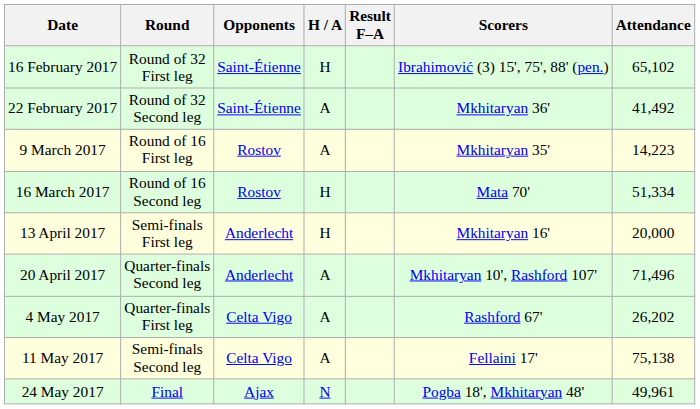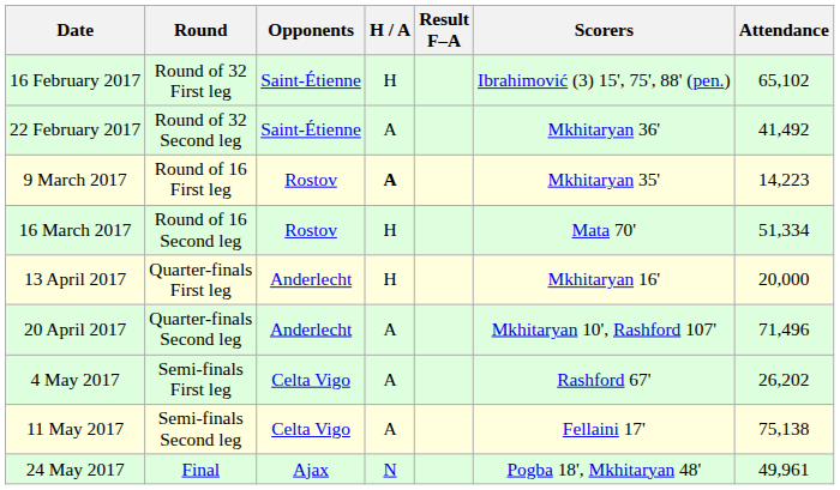 <table class="wikitable" style="text-align:center">
 <tr>
 <th>Date</th>
 <th>Round</th>
 <th>Opponents</th>
 <th>H / A</th>
 <th>Result<br>F–A</th>
 <th>Scorers</th>
 <th>Attendance</th>
 </tr>
 <tr bgcolor="#ddffdd">
 <td>16 February 2017</td>
 <td>Round of 32<br>First leg</td>
 <td><a href='#'>Saint-Étienne</a></td>
 <td>H</td>
 <td></td>
 <td><a href='#'>Ibrahimović</a> (3) 15', 75', 88' (<a href='#'>pen.</a>)</td>
 <td>65,102</td>
 </tr>
 <tr bgcolor="#ddffdd">
 <td>22 February 2017</td>
 <td>Round of 32<br>Second leg</td>
 <td><a href='#'>Saint-Étienne</a></td>
 <td>A</td>
 <td></td>
 <td><a href='#'>Mkhitaryan</a> 36'</td>
 <td>41,492</td>
 </tr>
 <tr bgcolor="#ffffdd">
 <td>9 March 2017</td>
 <td>Round of 16<br>First leg</td>
 <td><a href='#'>Rostov</a></td>
-<td>A</td>
+<td><strong>A</strong></td>
 <td></td>
 <td><a href='#'>Mkhitaryan</a> 35'</td>
 <td>14,223</td>
 </tr>
 <tr bgcolor="#ddffdd">
 <td>16 March 2017</td>
 <td>Round of 16<br>Second leg</td>
 <td><a href='#'>Rostov</a></td>
 <td>H</td>
 <td></td>
 <td><a href='#'>Mata</a> 70'</td>
 <td>51,334</td>
 </tr>
 <tr bgcolor="#ffffdd">
 <td>13 April 2017</td>
-<td>Semi-finals<br>First leg</td>
+<td>Quarter-finals<br>First leg</td>
 <td><a href='#'>Anderlecht</a></td>
 <td>H</td>
 <td></td>
 <td><a href='#'>Mkhitaryan</a> 16'</td>
 <td>20,000</td>
 </tr>
 <tr bgcolor="#ddffdd">
 <td>20 April 2017</td>
 <td>Quarter-finals<br>Second leg</td>
 <td><a href='#'>Anderlecht</a></td>
 <td>A</td>
 <td><br> </td>
 <td><a href='#'>Mkhitaryan</a> 10', <a href='#'>Rashford</a> 107'</td>
 <td>71,496</td>
 </tr>
 <tr bgcolor="#ddffdd">
 <td>4 May 2017</td>
-<td>Quarter-finals<br>First leg</td>
+<td>Semi-finals<br>First leg</td>
 <td><a href='#'>Celta Vigo</a></td>
 <td>A</td>
 <td></td>
 <td><a href='#'>Rashford</a> 67'</td>
 <td>26,202</td>
 </tr>
 <tr bgcolor="#ffffdd">
 <td>11 May 2017</td>
 <td>Semi-finals<br>Second leg</td>
 <td><a href='#'>Celta Vigo</a></td>
 <td>A</td>
 <td></td>
 <td><a href='#'>Fellaini</a> 17'</td>
 <td>75,138</td>
 </tr>
 <tr bgcolor="#ddffdd">
 <td>24 May 2017</td>
 <td><a href='#'>Final</a></td>
 <td><a href='#'>Ajax</a></td>
 <td><a href='#'>N</a></td>
 <td></td>
 <td><a href='#'>Pogba</a> 18', <a href='#'>Mkhitaryan</a> 48'</td>
 <td>49,961</td>
 </tr>
 </table>
